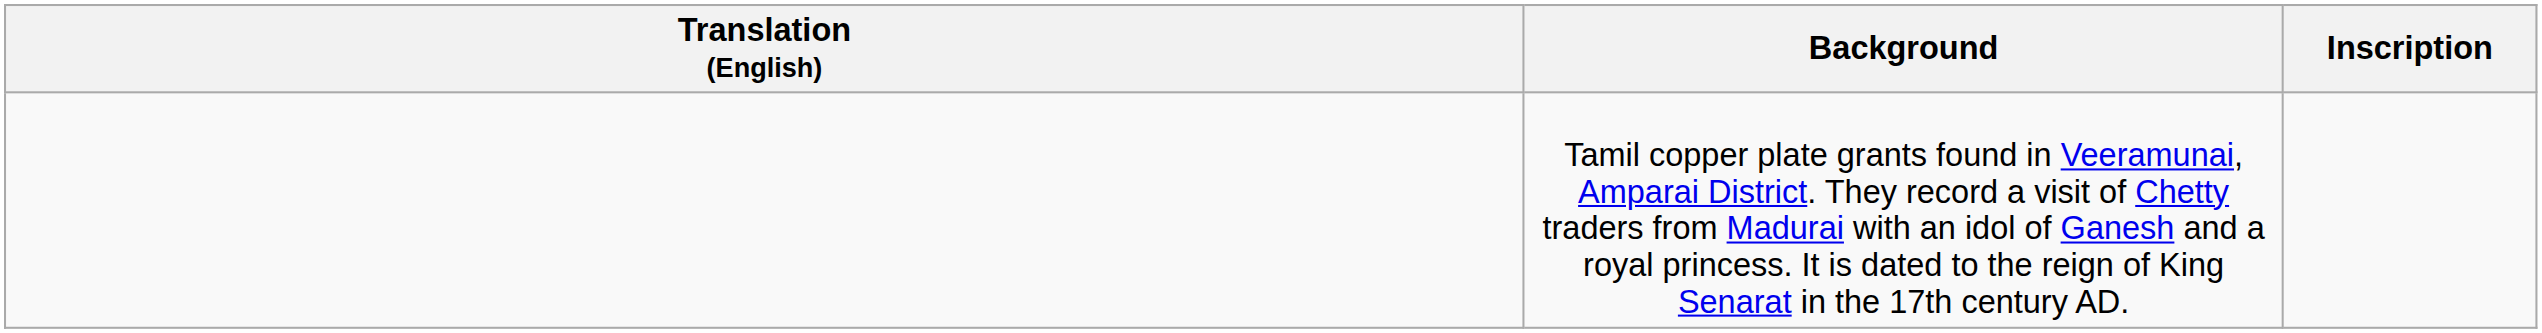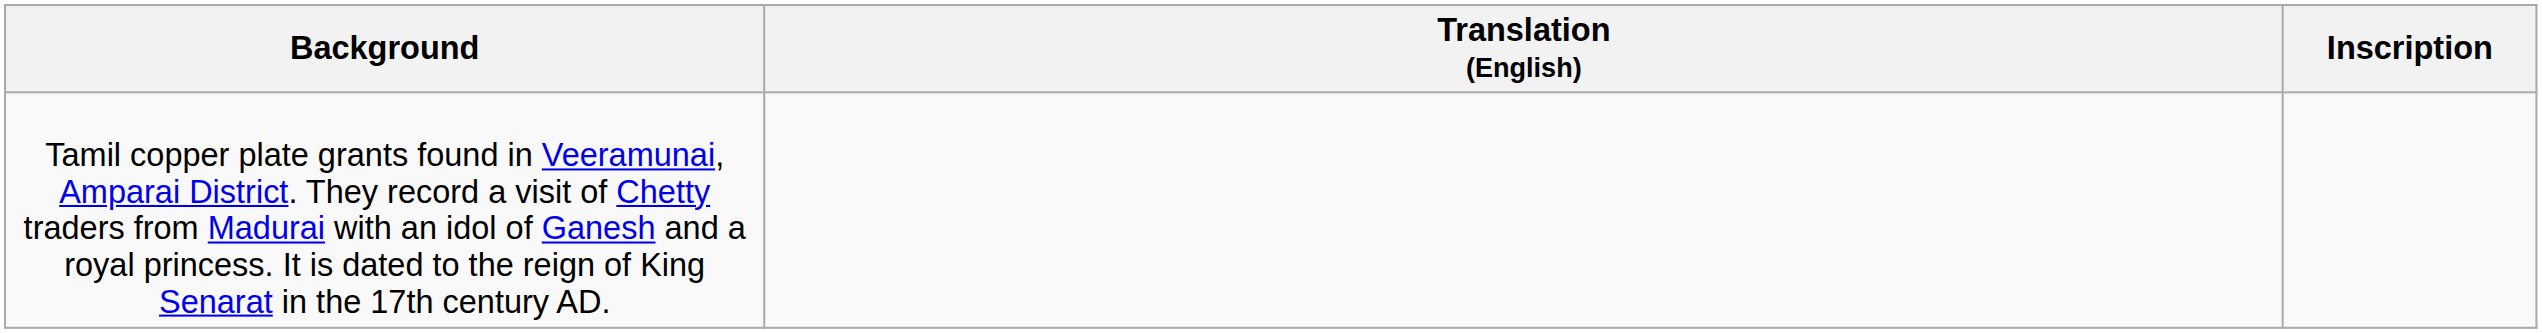 <table class="wikitable centre">
 <tr>
+<th scope="col" align=left>Background<br></th>
 <th>Translation<br><small>(English)</small></th>
-<th scope="col" align=left>Background<br></th>
 <th>Inscription<br></th>
 </tr>
 <tr>
+<td align=center width="30%"><br>Tamil copper plate grants found in <a href='#'>Veeramunai</a>, <a href='#'>Amparai District</a>. They record a visit of <a href='#'>Chetty</a> traders from <a href='#'>Madurai</a> with an idol of <a href='#'>Ganesh</a> and a royal princess.  It is dated to the reign of King <a href='#'>Senarat</a> in the 17th century AD.</td>
 <td align=left></td>
-<td align=center width="30%"><br>Tamil copper plate grants found in <a href='#'>Veeramunai</a>, <a href='#'>Amparai District</a>. They record a visit of <a href='#'>Chetty</a> traders from <a href='#'>Madurai</a> with an idol of <a href='#'>Ganesh</a> and a royal princess.  It is dated to the reign of King <a href='#'>Senarat</a> in the 17th century AD.</td>
 <td align=center width="10%"></td>
 </tr>
 </table>
